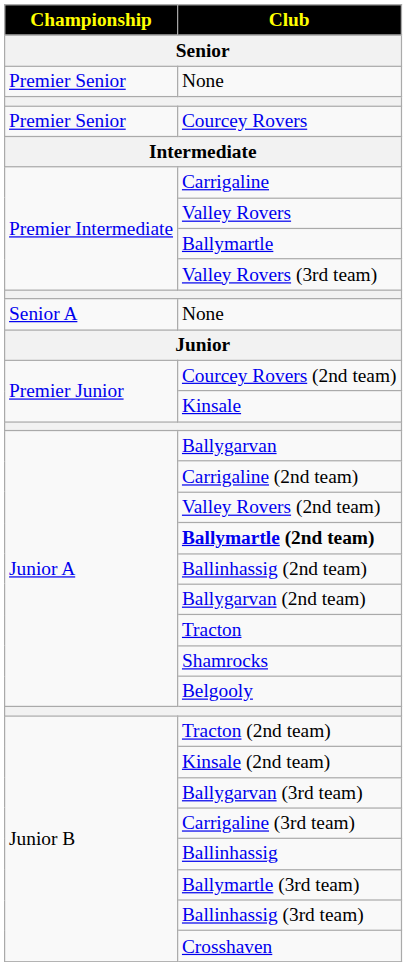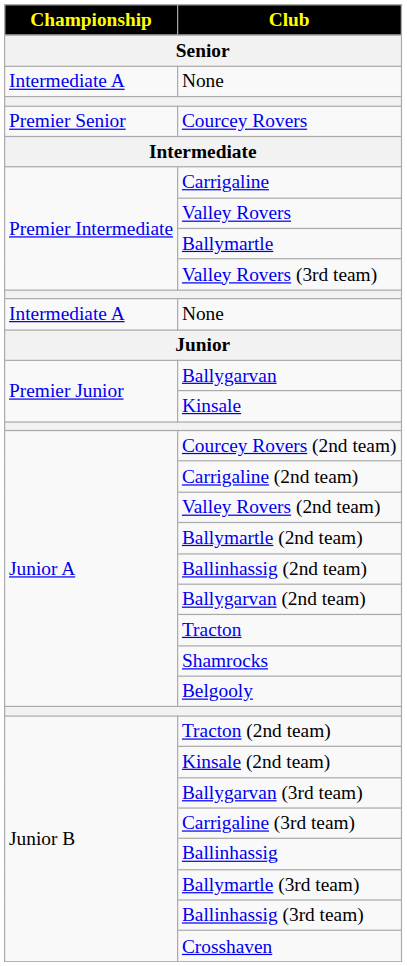 <table class="wikitable sortable">
 <tr>
 <th style="background:black;color:yellow">Championship</th>
 <th style="background:black;color:yellow">Club</th>
 </tr>
 <tr>
 <th colspan="2">Senior</th>
 </tr>
 <tr>
-<td><a href='#'>Premier Senior</a></td>
+<td rowspan="1"><a href='#'>Intermediate A</a></td>
 <td colspan="1">None</td>
 </tr>
 <tr>
 <th colspan="2"></th>
 </tr>
 <tr>
 <td><a href='#'>Premier Senior</a></td>
 <td> <a href='#'>Courcey Rovers</a></td>
 </tr>
 <tr>
 <th colspan="2">Intermediate</th>
 </tr>
 <tr>
 <td rowspan="4"><a href='#'>Premier Intermediate</a></td>
 <td> <a href='#'>Carrigaline</a></td>
 </tr>
 <tr>
 <td> <a href='#'>Valley Rovers</a></td>
 </tr>
 <tr>
 <td> <a href='#'>Ballymartle</a></td>
 </tr>
 <tr>
 <td> <a href='#'>Valley Rovers</a> (3rd team)</td>
 </tr>
 <tr>
 <th colspan="2"></th>
 </tr>
 <tr>
-<td rowspan="1"><a href='#'>Senior A</a></td>
+<td rowspan="1"><a href='#'>Intermediate A</a></td>
 <td colspan="1">None</td>
 </tr>
 <tr>
 <th colspan="2">Junior</th>
 </tr>
 <tr>
 <td rowspan="2"><a href='#'>Premier Junior</a></td>
-<td> <a href='#'>Courcey Rovers</a> (2nd team)</td>
+<td> <a href='#'>Ballygarvan</a></td>
 </tr>
 <tr>
 <td> <a href='#'>Kinsale</a></td>
 </tr>
 <tr>
 <th colspan="2"></th>
 </tr>
 <tr>
 <td rowspan="9"><a href='#'>Junior A</a></td>
-<td> <a href='#'>Ballygarvan</a></td>
+<td> <a href='#'>Courcey Rovers</a> (2nd team)</td>
 </tr>
 <tr>
 <td> <a href='#'>Carrigaline</a> (2nd team)</td>
 </tr>
 <tr>
 <td> <a href='#'>Valley Rovers</a> (2nd team)</td>
 </tr>
 <tr>
-<td><strong> <a href='#'>Ballymartle</a> (2nd team)</strong></td>
+<td> <a href='#'>Ballymartle</a> (2nd team)</td>
 </tr>
 <tr>
 <td> <a href='#'>Ballinhassig</a> (2nd team)</td>
 </tr>
 <tr>
 <td> <a href='#'>Ballygarvan</a> (2nd team)</td>
 </tr>
 <tr>
 <td> <a href='#'>Tracton</a></td>
 </tr>
 <tr>
 <td> <a href='#'>Shamrocks</a></td>
 </tr>
 <tr>
 <td> <a href='#'>Belgooly</a></td>
 </tr>
 <tr>
 <th colspan="2"></th>
 </tr>
 <tr>
 <td rowspan="8">Junior B</td>
 <td> <a href='#'>Tracton</a> (2nd team)</td>
 </tr>
 <tr>
 <td> <a href='#'>Kinsale</a> (2nd team)</td>
 </tr>
 <tr>
 <td> <a href='#'>Ballygarvan</a> (3rd team)</td>
 </tr>
 <tr>
 <td> <a href='#'>Carrigaline</a> (3rd team)</td>
 </tr>
 <tr>
 <td> <a href='#'>Ballinhassig</a></td>
 </tr>
 <tr>
 <td> <a href='#'>Ballymartle</a> (3rd team)</td>
 </tr>
 <tr>
 <td> <a href='#'>Ballinhassig</a> (3rd team)</td>
 </tr>
 <tr>
 <td> <a href='#'>Crosshaven</a></td>
 </tr>
 </table>
